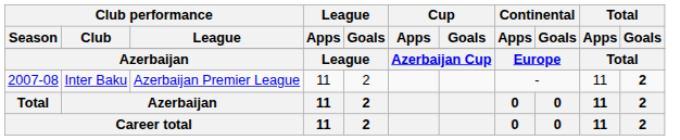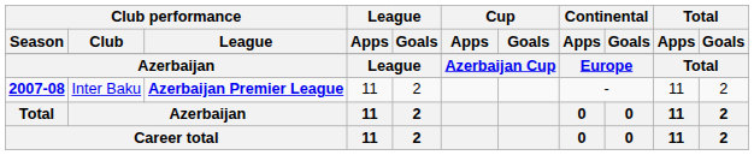 <table class="wikitable" style="text-align:center">
 <tr>
 <th colspan=3>Club performance</th>
 <th colspan=2>League</th>
 <th colspan=2>Cup</th>
 <th colspan=2>Continental</th>
 <th colspan=2>Total</th>
 </tr>
 <tr>
 <th>Season</th>
 <th>Club</th>
 <th>League</th>
 <th>Apps</th>
 <th>Goals</th>
 <th>Apps</th>
 <th>Goals</th>
 <th>Apps</th>
 <th>Goals</th>
 <th>Apps</th>
 <th>Goals</th>
 </tr>
 <tr>
 </tr>
 <tr>
 <th colspan=3>Azerbaijan</th>
 <th colspan=2>League</th>
 <th colspan=2><a href='#'>Azerbaijan Cup</a></th>
 <th colspan=2><a href='#'>Europe</a></th>
 <th colspan=2>Total</th>
 </tr>
 <tr>
-<td><a href='#'>2007-08</a></td>
+<td><strong><a href='#'>2007-08</a></strong></td>
 <td rowspan="1"><a href='#'>Inter Baku</a></td>
-<td rowspan="1"><a href='#'>Azerbaijan Premier League</a></td>
+<td rowspan="1"><strong><a href='#'>Azerbaijan Premier League</a></strong></td>
 <td>11</td>
 <td>2</td>
 <td></td>
 <td></td>
 <td colspan="2">-</td>
 <td>11</td>
-<td><strong>2</strong></td>
+<td>2</td>
 </tr>
 <tr>
 <th rowspan=1>Total</th>
 <th colspan=2>Azerbaijan</th>
 <th>11</th>
 <th>2</th>
 <th></th>
 <th></th>
 <th>0</th>
 <th>0</th>
 <th>11</th>
 <th>2</th>
 </tr>
 <tr>
 <th colspan=3>Career total</th>
 <th>11</th>
 <th>2</th>
 <th></th>
 <th></th>
 <th>0</th>
 <th>0</th>
 <th>11</th>
 <th>2</th>
 </tr>
 </table>
